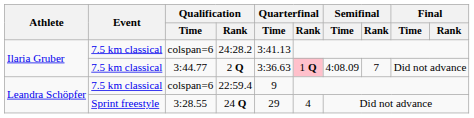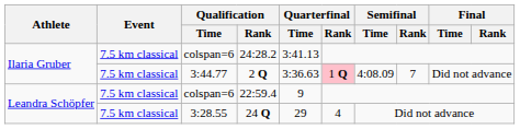 <table class="wikitable" style="font-size:90%">
 <tr>
 <th rowspan="2">Athlete</th>
 <th rowspan="2">Event</th>
 <th colspan="2">Qualification</th>
 <th colspan="2">Quarterfinal</th>
 <th colspan="2">Semifinal</th>
 <th colspan="2">Final</th>
 </tr>
 <tr style="font-size:95%">
 <th>Time</th>
 <th>Rank</th>
 <th>Time</th>
 <th>Rank</th>
 <th>Time</th>
 <th>Rank</th>
 <th>Time</th>
 <th>Rank</th>
 </tr>
 <tr align=center>
 <td align=left rowspan=2><a href='#'>Ilaria Gruber</a></td>
 <td align=left><a href='#'>7.5 km classical</a></td>
 <td>colspan=6</td>
 <td>24:28.2</td>
 <td>3:41.13</td>
 </tr>
 <tr align=center>
 <td align=left><a href='#'>7.5 km classical</a></td>
 <td>3:44.77</td>
 <td>2 <strong>Q</strong></td>
 <td>3:36.63</td>
 <td style="background: pink;">1 <strong>Q</strong></td>
 <td>4:08.09</td>
 <td>7</td>
 <td colspan=2>Did not advance</td>
 </tr>
 <tr align=center>
 <td align=left rowspan=2><a href='#'>Leandra Schöpfer</a></td>
 <td align=left><a href='#'>7.5 km classical</a></td>
 <td>colspan=6</td>
 <td>22:59.4</td>
 <td>9</td>
 </tr>
 <tr align=center>
-<td align=left><a href='#'>Sprint freestyle</a></td>
+<td align=left><a href='#'>7.5 km classical</a></td>
 <td>3:28.55</td>
 <td>24 <strong>Q</strong></td>
 <td>29</td>
 <td>4</td>
 <td colspan=4>Did not advance</td>
 </tr>
 </table>
